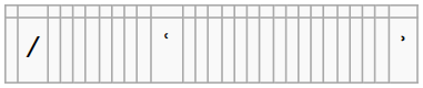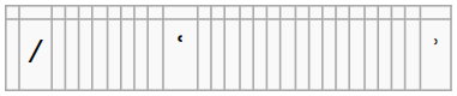 <table class="wikitable" style="line-height:180%;font-size:larger">
 <tr>
 <td></td>
 <td></td>
 <td></td>
 <td></td>
 <td></td>
 <td></td>
 <td></td>
 <td></td>
 <td></td>
 <td></td>
 <td></td>
 <td></td>
 <td></td>
 <td></td>
 <td></td>
 <td></td>
 <td></td>
 <td></td>
 <td></td>
 <td></td>
 <td></td>
 <td></td>
 <td></td>
 <td></td>
 <td></td>
 <td></td>
 <td></td>
 <td></td>
 </tr>
 <tr>
 <td></td>
 <td>/</td>
 <td></td>
 <td></td>
 <td></td>
 <td></td>
 <td></td>
 <td></td>
 <td></td>
 <td></td>
-<td><big>ʿ</big></td>
+<td><strong><big>ʿ</big></strong></td>
 <td></td>
 <td></td>
 <td></td>
 <td></td>
 <td></td>
 <td></td>
 <td></td>
 <td></td>
 <td></td>
 <td></td>
 <td></td>
 <td></td>
 <td></td>
 <td></td>
 <td></td>
 <td></td>
-<td><strong>ʾ</strong></td>
+<td>ʾ</td>
 </tr>
 </table>
